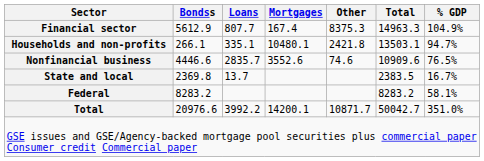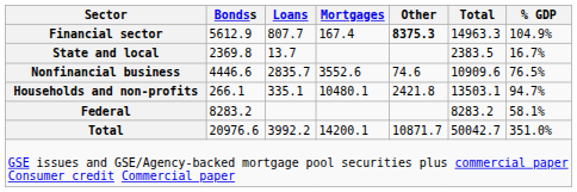 <table class="wikitable">
 <tr>
 <th>Sector</th>
 <th><a href='#'>Bonds</a>s</th>
 <th><a href='#'>Loans</a></th>
 <th><a href='#'>Mortgages</a></th>
 <th>Other</th>
 <th>Total</th>
 <th style="width: 5em">% GDP</th>
 </tr>
 <tr>
 <th>Financial sector</th>
 <td>5612.9</td>
 <td>807.7</td>
 <td>167.4</td>
-<td>8375.3</td>
+<td><strong>8375.3</strong></td>
 <td>14963.3</td>
 <td>104.9%</td>
 </tr>
 <tr>
-<th>Households and non-profits</th>
-<td>266.1</td>
-<td>335.1</td>
-<td>10480.1</td>
-<td>2421.8</td>
-<td>13503.1</td>
-<td>94.7%</td>
+<th>State and local</th>
+<td>2369.8</td>
+<td>13.7</td>
+<td></td>
+<td></td>
+<td>2383.5</td>
+<td>16.7%</td>
 </tr>
 <tr>
 <th>Nonfinancial business</th>
 <td>4446.6</td>
 <td>2835.7</td>
 <td>3552.6</td>
 <td>74.6</td>
 <td>10909.6</td>
 <td>76.5%</td>
 </tr>
 <tr>
-<th>State and local</th>
-<td>2369.8</td>
-<td>13.7</td>
-<td></td>
-<td></td>
-<td>2383.5</td>
-<td>16.7%</td>
+<th>Households and non-profits</th>
+<td>266.1</td>
+<td>335.1</td>
+<td>10480.1</td>
+<td>2421.8</td>
+<td>13503.1</td>
+<td>94.7%</td>
 </tr>
 <tr>
 <th>Federal</th>
 <td>8283.2</td>
 <td></td>
 <td></td>
 <td></td>
 <td>8283.2</td>
 <td>58.1%</td>
 </tr>
 <tr>
 <th>Total</th>
 <td>20976.6</td>
 <td>3992.2</td>
 <td>14200.1</td>
 <td>10871.7</td>
 <td>50042.7</td>
 <td>351.0%</td>
 </tr>
 <tr>
 <td colspan=7><br> <a href='#'>GSE</a> issues and GSE/Agency-backed mortgage pool securities  plus <a href='#'>commercial paper</a> <br>  <a href='#'>Consumer credit</a>  <a href='#'>Commercial paper</a></td>
 </tr>
 </table>
